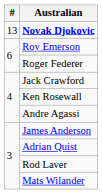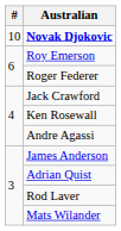 <table class=wikitable style="display:inline-table;">
 <tr>
 <th>#</th>
 <th>Australian</th>
 </tr>
 <tr>
-<td>13</td>
+<td>10</td>
 <td> <strong><a href='#'>Novak Djokovic</a></strong></td>
 </tr>
 <tr>
 <td rowspan="2">6</td>
 <td> <a href='#'>Roy Emerson</a></td>
 </tr>
 <tr>
 <td> Roger Federer</td>
 </tr>
 <tr>
 <td rowspan="3">4</td>
 <td> Jack Crawford</td>
 </tr>
 <tr>
 <td> Ken Rosewall</td>
 </tr>
 <tr>
 <td> Andre Agassi</td>
 </tr>
 <tr>
 <td rowspan="4">3</td>
 <td> <a href='#'>James Anderson</a></td>
 </tr>
 <tr>
 <td> <a href='#'>Adrian Quist</a></td>
 </tr>
 <tr>
 <td> Rod Laver</td>
 </tr>
 <tr>
 <td> <a href='#'>Mats Wilander</a></td>
 </tr>
 </table>
